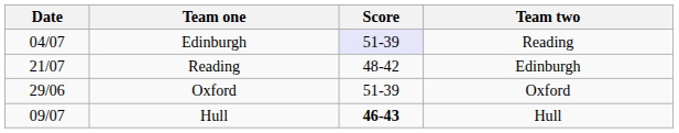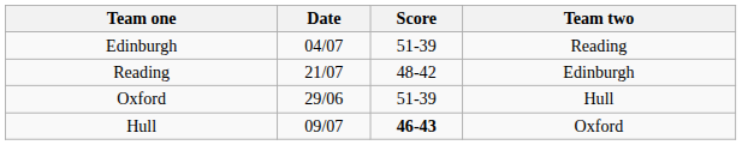 <table class="wikitable" style="text-align: center">
 <tr>
+<th width=250>Team one</th>
 <th width=80>Date</th>
-<th width=250>Team one</th>
 <th width=80>Score</th>
 <th width=250>Team two</th>
 </tr>
 <tr>
+<td>Edinburgh</td>
 <td>04/07</td>
-<td>Edinburgh</td>
-<td style="background: lavender;">51-39</td>
+<td>51-39</td>
 <td>Reading</td>
 </tr>
 <tr>
+<td>Reading</td>
 <td>21/07</td>
-<td>Reading</td>
 <td>48-42</td>
 <td>Edinburgh</td>
 </tr>
 <tr>
+<td>Oxford</td>
 <td>29/06</td>
-<td>Oxford</td>
 <td>51-39</td>
+<td>Hull</td>
+</tr>
+<tr>
+<td>Hull</td>
+<td>09/07</td>
+<td><strong>46-43</strong></td>
 <td>Oxford</td>
 </tr>
-<tr>
-<td>09/07</td>
-<td>Hull</td>
-<td><strong>46-43</strong></td>
-<td>Hull</td>
-</tr>
 </table>
